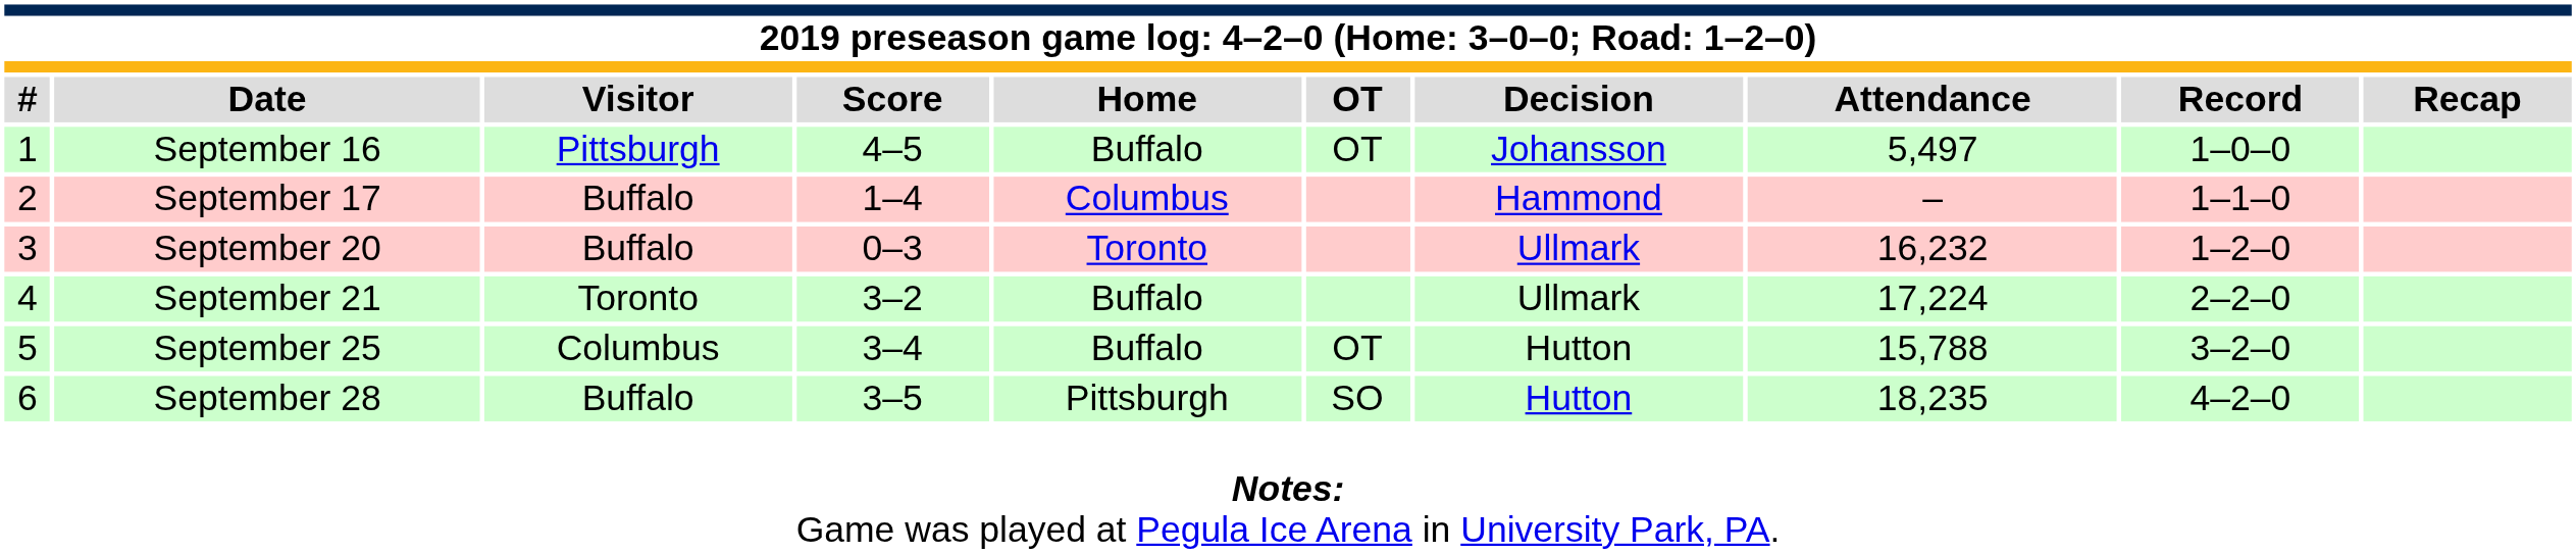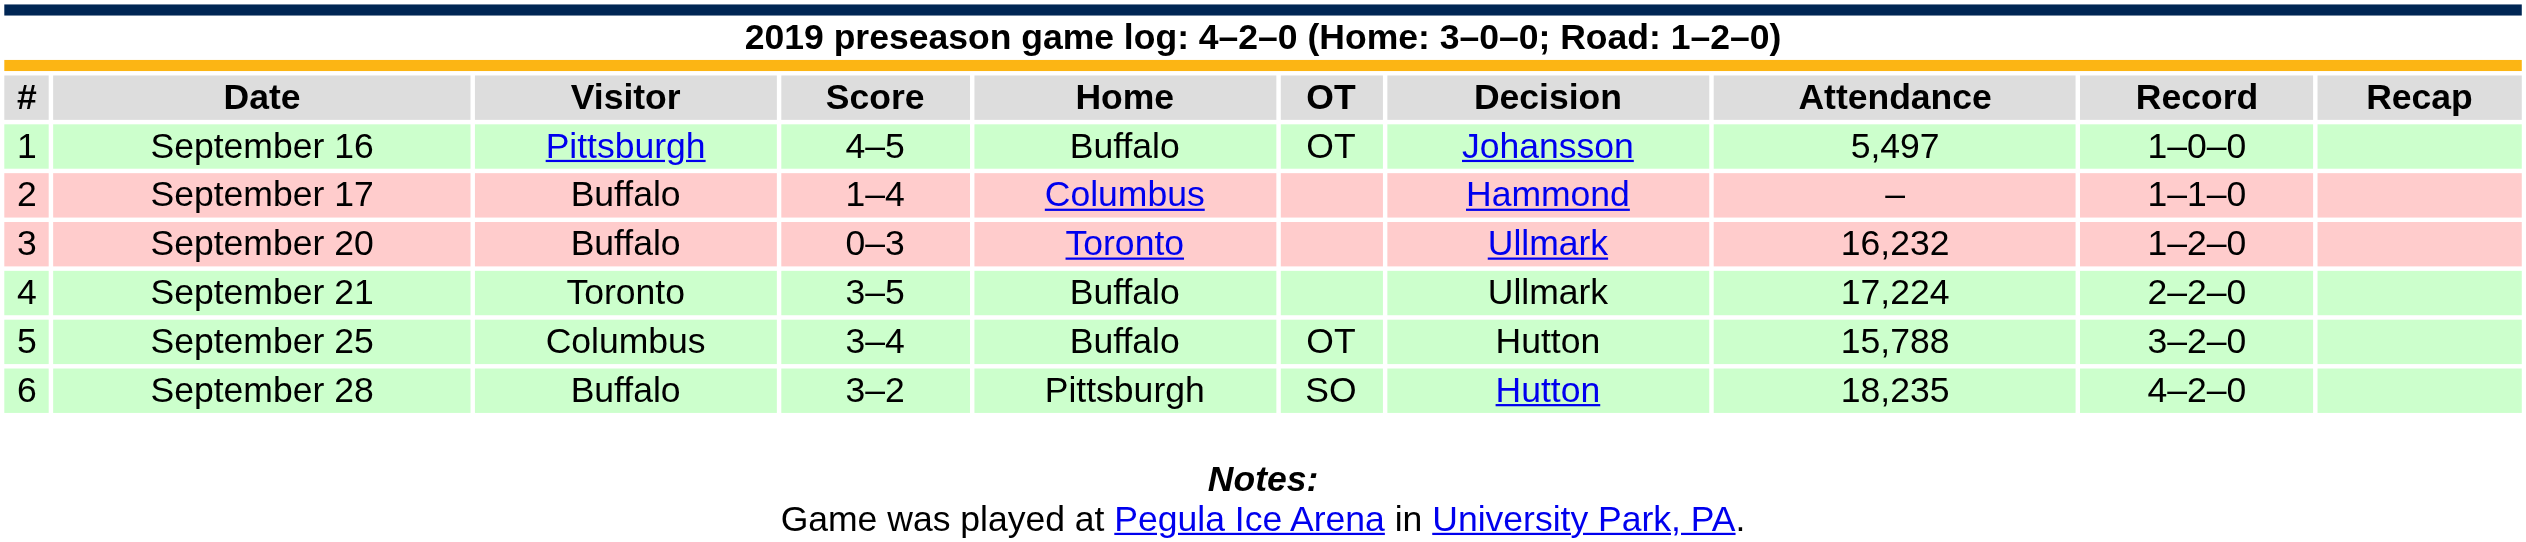 <table class="toccolours collapsible collapsed" style="width:90%; clear:both; margin:1.5em auto; text-align:center;">
 <tr>
 <th colspan="10" style="background:#FFFFFF; border-top:#002654 5px solid; border-bottom:#FCB514 5px solid;">2019 preseason game log: 4–2–0 (Home: 3–0–0; Road: 1–2–0)</th>
 </tr>
 <tr style="background:#ddd;">
 <th>#</th>
 <th>Date</th>
 <th>Visitor</th>
 <th>Score</th>
 <th>Home</th>
 <th>OT</th>
 <th>Decision</th>
 <th>Attendance</th>
 <th>Record</th>
 <th>Recap</th>
 </tr>
 <tr style="background:#cfc;">
 <td>1</td>
 <td>September 16</td>
 <td><a href='#'>Pittsburgh</a></td>
 <td>4–5</td>
 <td>Buffalo</td>
 <td>OT</td>
 <td><a href='#'>Johansson</a></td>
 <td>5,497</td>
 <td>1–0–0</td>
 <td></td>
 </tr>
 <tr style="background:#fcc;">
 <td>2</td>
 <td>September 17</td>
 <td>Buffalo</td>
 <td>1–4</td>
 <td><a href='#'>Columbus</a></td>
 <td></td>
 <td><a href='#'>Hammond</a></td>
 <td>–</td>
 <td>1–1–0</td>
 <td></td>
 </tr>
 <tr style="background:#fcc;">
 <td>3</td>
 <td>September 20</td>
 <td>Buffalo</td>
 <td>0–3</td>
 <td><a href='#'>Toronto</a></td>
 <td></td>
 <td><a href='#'>Ullmark</a></td>
 <td>16,232</td>
 <td>1–2–0</td>
 <td></td>
 </tr>
 <tr style="background:#cfc;">
 <td>4</td>
 <td>September 21</td>
 <td>Toronto</td>
-<td>3–2</td>
+<td>3–5</td>
 <td>Buffalo</td>
 <td></td>
 <td>Ullmark</td>
 <td>17,224</td>
 <td>2–2–0</td>
 <td></td>
 </tr>
 <tr style="background:#cfc;">
 <td>5</td>
 <td>September 25</td>
 <td>Columbus</td>
 <td>3–4</td>
 <td>Buffalo</td>
 <td>OT</td>
 <td>Hutton</td>
 <td>15,788</td>
 <td>3–2–0</td>
 <td></td>
 </tr>
 <tr style="background:#cfc;">
 <td>6</td>
 <td>September 28</td>
 <td>Buffalo</td>
-<td>3–5</td>
+<td>3–2</td>
 <td>Pittsburgh</td>
 <td>SO</td>
 <td><a href='#'>Hutton</a></td>
 <td>18,235</td>
 <td>4–2–0</td>
 <td></td>
 </tr>
 <tr>
 <td colspan="10" style="text-align:center;"><br><strong><em>Notes:</em></strong><br>  Game was played at <a href='#'>Pegula Ice Arena</a> in <a href='#'>University Park, PA</a>.</td>
 </tr>
 </table>
